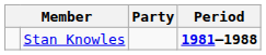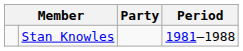 <table class="wikitable">
 <tr>
 <th colspan="2">Member</th>
 <th>Party</th>
 <th>Period</th>
 </tr>
 <tr>
 <td> </td>
 <td><a href='#'>Stan Knowles</a></td>
 <td></td>
-<td><strong><a href='#'>1981</a>–1988</strong></td>
+<td><a href='#'>1981</a>–1988</td>
 </tr>
 </table>
